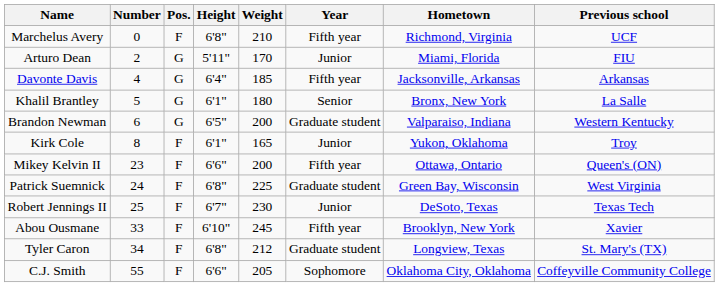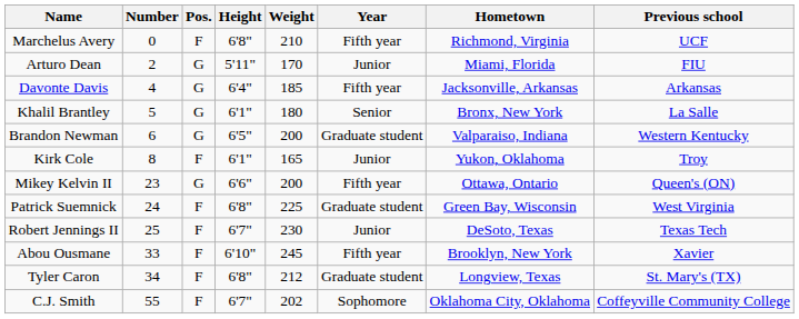 <table class="wikitable sortable" style="text-align:center">
 <tr align=center>
 <th>Name</th>
 <th>Number</th>
 <th>Pos.</th>
 <th>Height</th>
 <th>Weight</th>
 <th>Year</th>
 <th>Hometown</th>
 <th class="unsortable">Previous school</th>
 </tr>
 <tr>
 <td>Marchelus Avery</td>
 <td>0</td>
 <td>F</td>
 <td>6'8"</td>
 <td>210</td>
 <td>Fifth year</td>
 <td><a href='#'>Richmond, Virginia</a></td>
 <td><a href='#'>UCF</a></td>
 </tr>
 <tr>
 <td>Arturo Dean</td>
 <td>2</td>
 <td>G</td>
 <td>5'11"</td>
 <td>170</td>
 <td>Junior</td>
 <td><a href='#'>Miami, Florida</a></td>
 <td><a href='#'>FIU</a></td>
 </tr>
 <tr>
 <td><a href='#'>Davonte Davis</a></td>
 <td>4</td>
 <td>G</td>
 <td>6'4"</td>
 <td>185</td>
 <td>Fifth year</td>
 <td><a href='#'>Jacksonville, Arkansas</a></td>
 <td><a href='#'>Arkansas</a></td>
 </tr>
 <tr>
 <td>Khalil Brantley</td>
 <td>5</td>
 <td>G</td>
 <td>6'1"</td>
 <td>180</td>
 <td>Senior</td>
 <td><a href='#'>Bronx, New York</a></td>
 <td><a href='#'>La Salle</a></td>
 </tr>
 <tr>
 <td>Brandon Newman</td>
 <td>6</td>
 <td>G</td>
 <td>6'5"</td>
 <td>200</td>
 <td>Graduate student</td>
 <td><a href='#'>Valparaiso, Indiana</a></td>
 <td><a href='#'>Western Kentucky</a></td>
 </tr>
 <tr>
 <td>Kirk Cole</td>
 <td>8</td>
 <td>F</td>
 <td>6'1"</td>
 <td>165</td>
 <td>Junior</td>
 <td><a href='#'>Yukon, Oklahoma</a></td>
 <td><a href='#'>Troy</a></td>
 </tr>
 <tr>
 <td>Mikey Kelvin II</td>
 <td>23</td>
-<td>F</td>
+<td>G</td>
 <td>6'6"</td>
 <td>200</td>
 <td>Fifth year</td>
 <td><a href='#'>Ottawa, Ontario</a></td>
 <td><a href='#'>Queen's (ON)</a></td>
 </tr>
 <tr>
 <td>Patrick Suemnick</td>
 <td>24</td>
 <td>F</td>
 <td>6'8"</td>
 <td>225</td>
 <td>Graduate student</td>
 <td><a href='#'>Green Bay, Wisconsin</a></td>
 <td><a href='#'>West Virginia</a></td>
 </tr>
 <tr>
 <td>Robert Jennings II</td>
 <td>25</td>
 <td>F</td>
 <td>6'7"</td>
 <td>230</td>
 <td>Junior</td>
 <td><a href='#'>DeSoto, Texas</a></td>
 <td><a href='#'>Texas Tech</a></td>
 </tr>
 <tr>
 <td>Abou Ousmane</td>
 <td>33</td>
 <td>F</td>
 <td>6'10"</td>
 <td>245</td>
 <td>Fifth year</td>
 <td><a href='#'>Brooklyn, New York</a></td>
 <td><a href='#'>Xavier</a></td>
 </tr>
 <tr>
 <td>Tyler Caron</td>
 <td>34</td>
 <td>F</td>
 <td>6'8"</td>
 <td>212</td>
 <td>Graduate student</td>
 <td><a href='#'>Longview, Texas</a></td>
 <td><a href='#'>St. Mary's (TX)</a></td>
 </tr>
 <tr>
 <td>C.J. Smith</td>
 <td>55</td>
 <td>F</td>
-<td>6'6"</td>
-<td>205</td>
+<td>6'7"</td>
+<td>202</td>
 <td>Sophomore</td>
 <td><a href='#'>Oklahoma City, Oklahoma</a></td>
 <td><a href='#'>Coffeyville Community College</a></td>
 </tr>
 </table>
